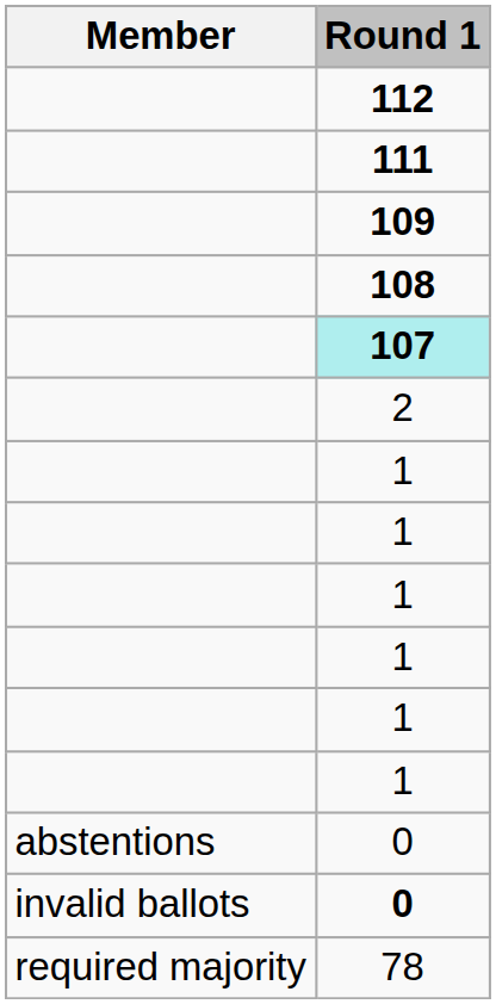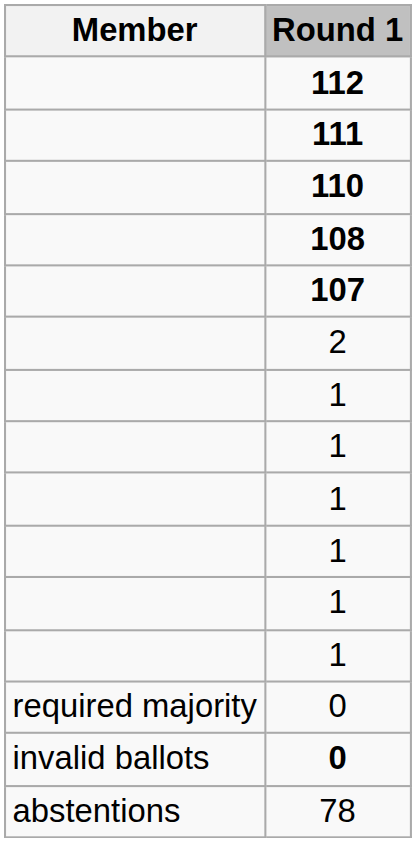 <table class="wikitable collapsible">
 <tr>
 <th>Member</th>
 <td style="background:silver;"><strong>Round 1</strong></td>
 </tr>
 <tr>
 <td></td>
 <td style="text-align:center;"><strong>112</strong></td>
 </tr>
 <tr>
 <td></td>
 <td style="text-align:center;"><strong>111</strong></td>
 </tr>
 <tr>
 <td></td>
-<td style="text-align:center;"><strong>109</strong></td>
+<td style="text-align:center;"><strong>110</strong></td>
 </tr>
 <tr>
 <td></td>
 <td style="text-align:center;"><strong>108</strong></td>
 </tr>
 <tr>
 <td></td>
-<td style="background: paleturquoise; text-align:center;"><strong>107</strong></td>
+<td style="text-align:center;"><strong>107</strong></td>
 </tr>
 <tr>
 <td></td>
 <td style="text-align:center;">2</td>
 </tr>
 <tr>
 <td></td>
 <td style="text-align:center;">1</td>
 </tr>
 <tr>
 <td></td>
 <td style="text-align:center;">1</td>
 </tr>
 <tr>
 <td></td>
 <td style="text-align:center;">1</td>
 </tr>
 <tr>
 <td></td>
 <td style="text-align:center;">1</td>
 </tr>
 <tr>
 <td></td>
 <td style="text-align:center;">1</td>
 </tr>
 <tr>
 <td></td>
 <td style="text-align:center;">1</td>
 </tr>
 <tr>
-<td>abstentions</td>
+<td>required majority</td>
 <td style="text-align:center;">0</td>
 </tr>
 <tr>
 <td>invalid ballots</td>
 <td style="text-align:center;"><strong>0</strong></td>
 </tr>
 <tr>
-<td>required majority</td>
+<td>abstentions</td>
 <td style="text-align:center;">78</td>
 </tr>
 </table>
